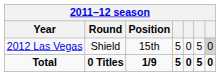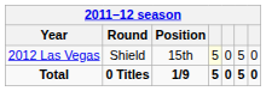 <table class="wikitable" style="text-align: center;">
 <tr>
 <th colspan=10><a href='#'>2011–12 season</a></th>
 </tr>
 <tr>
 <th>Year</th>
 <th>Round</th>
 <th>Position</th>
 <th></th>
 <th></th>
 <th></th>
 <th></th>
 </tr>
 <tr>
 <td align=left> <a href='#'>2012 Las Vegas</a></td>
 <td>Shield</td>
 <td>15th</td>
+<td style="background: lightyellow;">5</td>
+<td>0</td>
 <td>5</td>
 <td>0</td>
-<td>5</td>
-<td style="background: lightgrey;">0</td>
 </tr>
 <tr>
 <td colspan=1><strong>Total</strong></td>
 <td><strong>0 Titles</strong></td>
 <td><strong>1/9</strong></td>
 <td><strong>5</strong></td>
 <td><strong>0</strong></td>
 <td><strong>5</strong></td>
 <td><strong>0</strong></td>
 </tr>
 </table>
